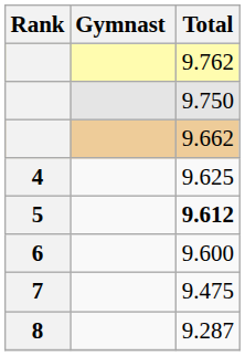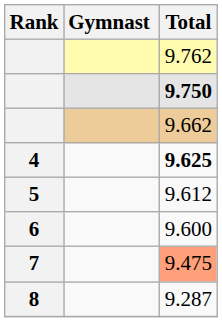 <table class="wikitable sortable" style="text-align:center; font-size:95%">
 <tr>
 <th scope=col>Rank</th>
 <th scope=col>Gymnast </th>
 <th scope=col>Total</th>
 </tr>
 <tr bgcolor=fffcaf>
 <th scope=row style="text-align:center"></th>
 <td align=left> </td>
 <td>9.762</td>
 </tr>
 <tr bgcolor=e5e5e5>
 <th scope=row style="text-align:center"></th>
 <td align=left> </td>
-<td>9.750</td>
+<td><strong>9.750</strong></td>
 </tr>
 <tr bgcolor=eecc99>
 <th scope=row style="text-align:center"></th>
 <td align=left> </td>
 <td>9.662</td>
 </tr>
 <tr>
 <th scope=row style="text-align:center">4</th>
 <td align=left> </td>
-<td>9.625</td>
+<td><strong>9.625</strong></td>
 </tr>
 <tr>
 <th scope=row style="text-align:center">5</th>
 <td align=left> </td>
-<td><strong>9.612</strong></td>
+<td>9.612</td>
 </tr>
 <tr>
 <th scope=row style="text-align:center">6</th>
 <td align=left> </td>
 <td>9.600</td>
 </tr>
 <tr>
 <th scope=row style="text-align:center">7</th>
 <td align=left> </td>
-<td>9.475</td>
+<td style="background: lightsalmon;">9.475</td>
 </tr>
 <tr>
 <th scope=row style="text-align:center">8</th>
 <td align=left> </td>
 <td>9.287</td>
 </tr>
 <tr>
 </tr>
 </table>
